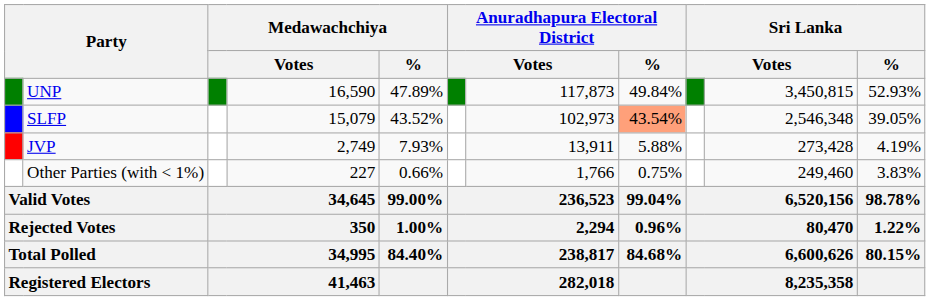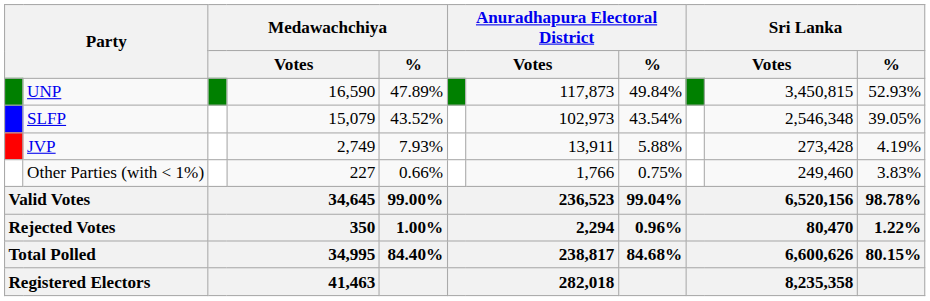 <table class="wikitable">
 <tr>
 <th colspan="2" width="144px"rowspan="2">Party</th>
 <th colspan="3" width="216px">Medawachchiya</th>
 <th colspan="3" width="216px"><a href='#'>Anuradhapura Electoral District</a></th>
 <th colspan="3" width="216px">Sri Lanka</th>
 </tr>
 <tr>
 <th colspan="2" width="144px">Votes</th>
 <th>%</th>
 <th colspan="2" width="144px">Votes</th>
 <th>%</th>
 <th colspan="2" width="144px">Votes</th>
 <th>%</th>
 </tr>
 <tr>
 <td style="background-color:green;" width="10px"></td>
 <td style="text-align:left;"><a href='#'>UNP</a></td>
 <td style="background-color:green;" width="10px"></td>
 <td style="text-align:right;">16,590</td>
 <td style="text-align:right;">47.89%</td>
 <td style="background-color:green;" width="10px"></td>
 <td style="text-align:right;">117,873</td>
 <td style="text-align:right;">49.84%</td>
 <td style="background-color:green;" width="10px"></td>
 <td style="text-align:right;">3,450,815</td>
 <td style="text-align:right;">52.93%</td>
 </tr>
 <tr>
 <td style="background-color:blue;" width="10px"></td>
 <td style="text-align:left;"><a href='#'>SLFP</a></td>
 <td style="background-color:white;" width="10px"></td>
 <td style="text-align:right;">15,079</td>
 <td style="text-align:right;">43.52%</td>
 <td style="background-color:white;" width="10px"></td>
 <td style="text-align:right;">102,973</td>
-<td style="background: lightsalmon; text-align:right;">43.54%</td>
+<td style="text-align:right;">43.54%</td>
 <td style="background-color:white;" width="10px"></td>
 <td style="text-align:right;">2,546,348</td>
 <td style="text-align:right;">39.05%</td>
 </tr>
 <tr>
 <td style="background-color:red;" width="10px"></td>
 <td style="text-align:left;"><a href='#'>JVP</a></td>
 <td style="background-color:white;" width="10px"></td>
 <td style="text-align:right;">2,749</td>
 <td style="text-align:right;">7.93%</td>
 <td style="background-color:white;" width="10px"></td>
 <td style="text-align:right;">13,911</td>
 <td style="text-align:right;">5.88%</td>
 <td style="background-color:white;" width="10px"></td>
 <td style="text-align:right;">273,428</td>
 <td style="text-align:right;">4.19%</td>
 </tr>
 <tr>
 <td style="background-color:white;" width="10px"></td>
 <td style="text-align:left;">Other Parties (with < 1%)</td>
 <td style="background-color:white;" width="10px"></td>
 <td style="text-align:right;">227</td>
 <td style="text-align:right;">0.66%</td>
 <td style="background-color:white;" width="10px"></td>
 <td style="text-align:right;">1,766</td>
 <td style="text-align:right;">0.75%</td>
 <td style="background-color:white;" width="10px"></td>
 <td style="text-align:right;">249,460</td>
 <td style="text-align:right;">3.83%</td>
 </tr>
 <tr>
 <th colspan="2" width="144px"style="text-align:left;">Valid Votes</th>
 <th style="text-align:right;"colspan="2" width="144px">34,645</th>
 <th style="text-align:right;">99.00%</th>
 <th style="text-align:right;"colspan="2" width="144px">236,523</th>
 <th style="text-align:right;">99.04%</th>
 <th style="text-align:right;"colspan="2" width="144px">6,520,156</th>
 <th style="text-align:right;">98.78%</th>
 </tr>
 <tr>
 <th colspan="2" width="144px"style="text-align:left;">Rejected Votes</th>
 <th style="text-align:right;"colspan="2" width="144px">350</th>
 <th style="text-align:right;">1.00%</th>
 <th style="text-align:right;"colspan="2" width="144px">2,294</th>
 <th style="text-align:right;">0.96%</th>
 <th style="text-align:right;"colspan="2" width="144px">80,470</th>
 <th style="text-align:right;">1.22%</th>
 </tr>
 <tr>
 <th colspan="2" width="144px"style="text-align:left;">Total Polled</th>
 <th style="text-align:right;"colspan="2" width="144px">34,995</th>
 <th style="text-align:right;">84.40%</th>
 <th style="text-align:right;"colspan="2" width="144px">238,817</th>
 <th style="text-align:right;">84.68%</th>
 <th style="text-align:right;"colspan="2" width="144px">6,600,626</th>
 <th style="text-align:right;">80.15%</th>
 </tr>
 <tr>
 <th colspan="2" width="144px"style="text-align:left;">Registered Electors</th>
 <th style="text-align:right;"colspan="2" width="144px">41,463</th>
 <th></th>
 <th style="text-align:right;"colspan="2" width="144px">282,018</th>
 <th></th>
 <th style="text-align:right;"colspan="2" width="144px">8,235,358</th>
 <th></th>
 </tr>
 </table>
